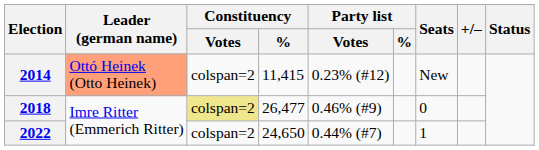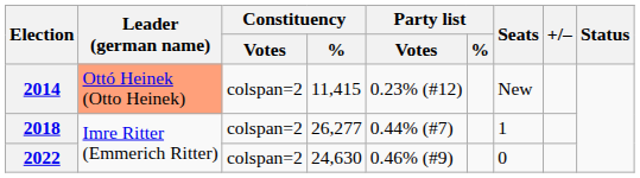 <table class="wikitable">
 <tr>
 <th rowspan=2>Election</th>
 <th rowspan=2>Leader<br>(german name)</th>
 <th colspan=2>Constituency</th>
 <th colspan=2>Party list</th>
 <th rowspan=2>Seats</th>
 <th rowspan=2>+/–</th>
 <th rowspan=2>Status</th>
 </tr>
 <tr>
 <th>Votes</th>
 <th>%</th>
 <th>Votes</th>
 <th>%</th>
 </tr>
 <tr>
 <th><a href='#'>2014</a></th>
 <td style="background: lightsalmon;"><a href='#'>Ottó Heinek</a><br>(Otto Heinek)</td>
 <td>colspan=2 </td>
 <td>11,415</td>
 <td>0.23% (#12)</td>
 <td></td>
 <td>New</td>
 <td></td>
 </tr>
 <tr>
 <th><a href='#'>2018</a></th>
 <td rowspan=2><a href='#'>Imre Ritter</a><br>(Emmerich Ritter)</td>
-<td style="background: khaki;">colspan=2 </td>
-<td>26,477</td>
+<td>colspan=2 </td>
+<td>26,277</td>
+<td>0.44% (#7)</td>
+<td></td>
+<td> 1</td>
+<td><br></td>
+</tr>
+<tr>
+<th><a href='#'>2022</a></th>
+<td>colspan=2 </td>
+<td>24,630</td>
 <td>0.46% (#9)</td>
 <td></td>
 <td> 0</td>
 <td><br></td>
 </tr>
-<tr>
-<th><a href='#'>2022</a></th>
-<td>colspan=2 </td>
-<td>24,650</td>
-<td>0.44% (#7)</td>
-<td></td>
-<td> 1</td>
-<td><br></td>
-</tr>
 </table>
